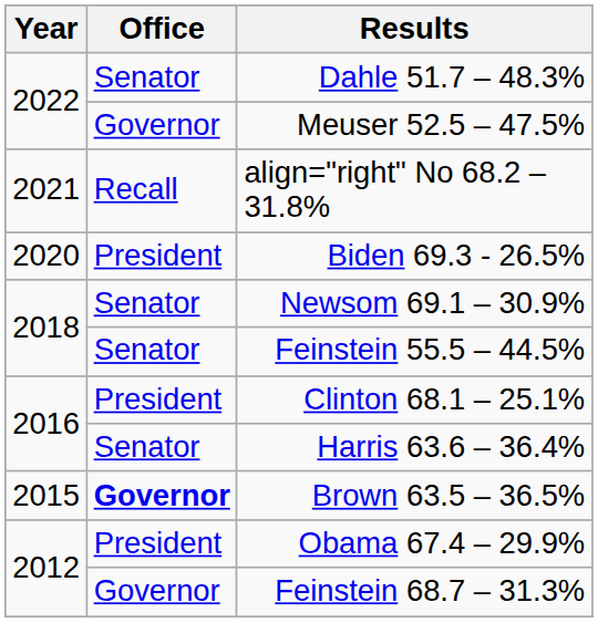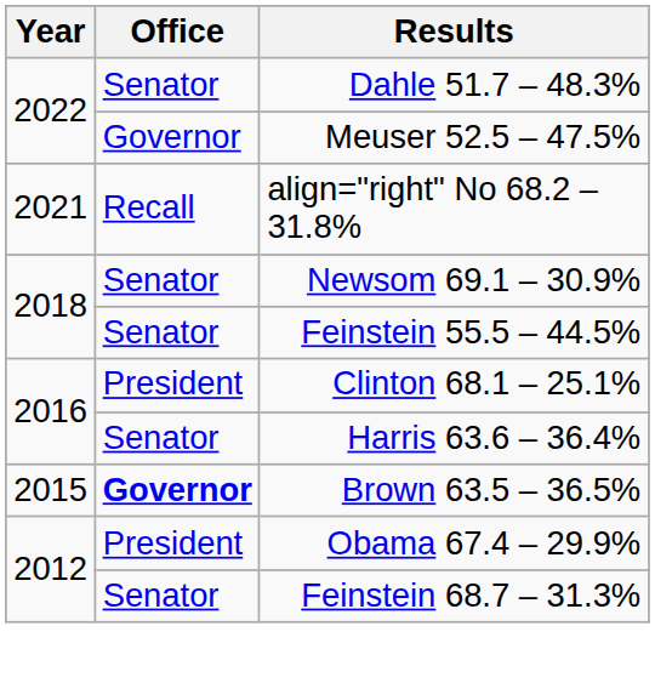 <table class=wikitable>
 <tr>
 <th width="30">Year</th>
 <th width="60">Office</th>
 <th width="180">Results</th>
 </tr>
 <tr>
 <td rowspan="2">2022</td>
 <td><a href='#'>Senator</a></td>
 <td align="right" ><a href='#'>Dahle</a> 51.7 – 48.3%</td>
 </tr>
 <tr>
 <td><a href='#'>Governor</a></td>
 <td align="right" >Meuser 52.5 – 47.5%</td>
 </tr>
 <tr>
 <td>2021</td>
 <td><a href='#'>Recall</a></td>
 <td>align="right"  No 68.2 – 31.8%</td>
-</tr>
-<tr>
-<td rowspan="1">2020</td>
-<td><a href='#'>President</a></td>
-<td align="right" ><a href='#'>Biden</a> 69.3 - 26.5%</td>
 </tr>
 <tr>
 <td rowspan="2">2018</td>
 <td><a href='#'>Senator</a></td>
 <td align="right" ><a href='#'>Newsom</a> 69.1 – 30.9%</td>
 </tr>
 <tr>
 <td><a href='#'>Senator</a></td>
 <td align="right" ><a href='#'>Feinstein</a> 55.5 – 44.5%</td>
 </tr>
 <tr>
 <td rowspan="2">2016</td>
 <td><a href='#'>President</a></td>
 <td align="right" ><a href='#'>Clinton</a> 68.1 – 25.1%</td>
 </tr>
 <tr>
 <td><a href='#'>Senator</a></td>
 <td align="right" ><a href='#'>Harris</a> 63.6 – 36.4%</td>
 </tr>
 <tr>
 <td>2015</td>
 <td><strong><a href='#'>Governor</a></strong></td>
 <td align="right" ><a href='#'>Brown</a> 63.5 – 36.5%</td>
 </tr>
 <tr>
 <td rowspan="2">2012</td>
 <td><a href='#'>President</a></td>
 <td align="right" ><a href='#'>Obama</a> 67.4 – 29.9%</td>
 </tr>
 <tr>
-<td><a href='#'>Governor</a></td>
+<td><a href='#'>Senator</a></td>
 <td align="right" ><a href='#'>Feinstein</a> 68.7 – 31.3%</td>
 </tr>
 </table>
